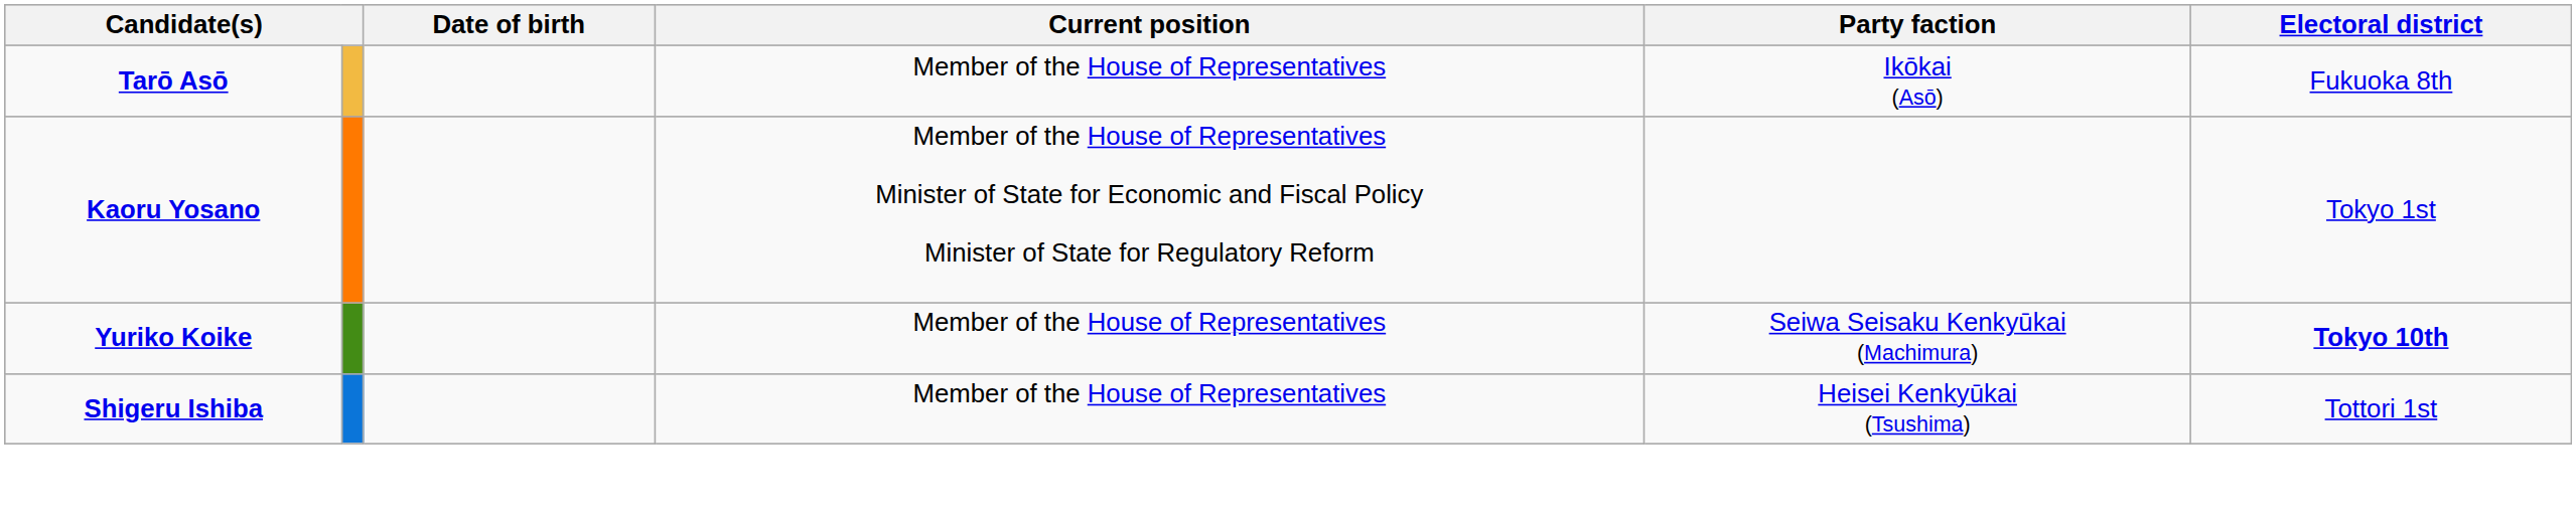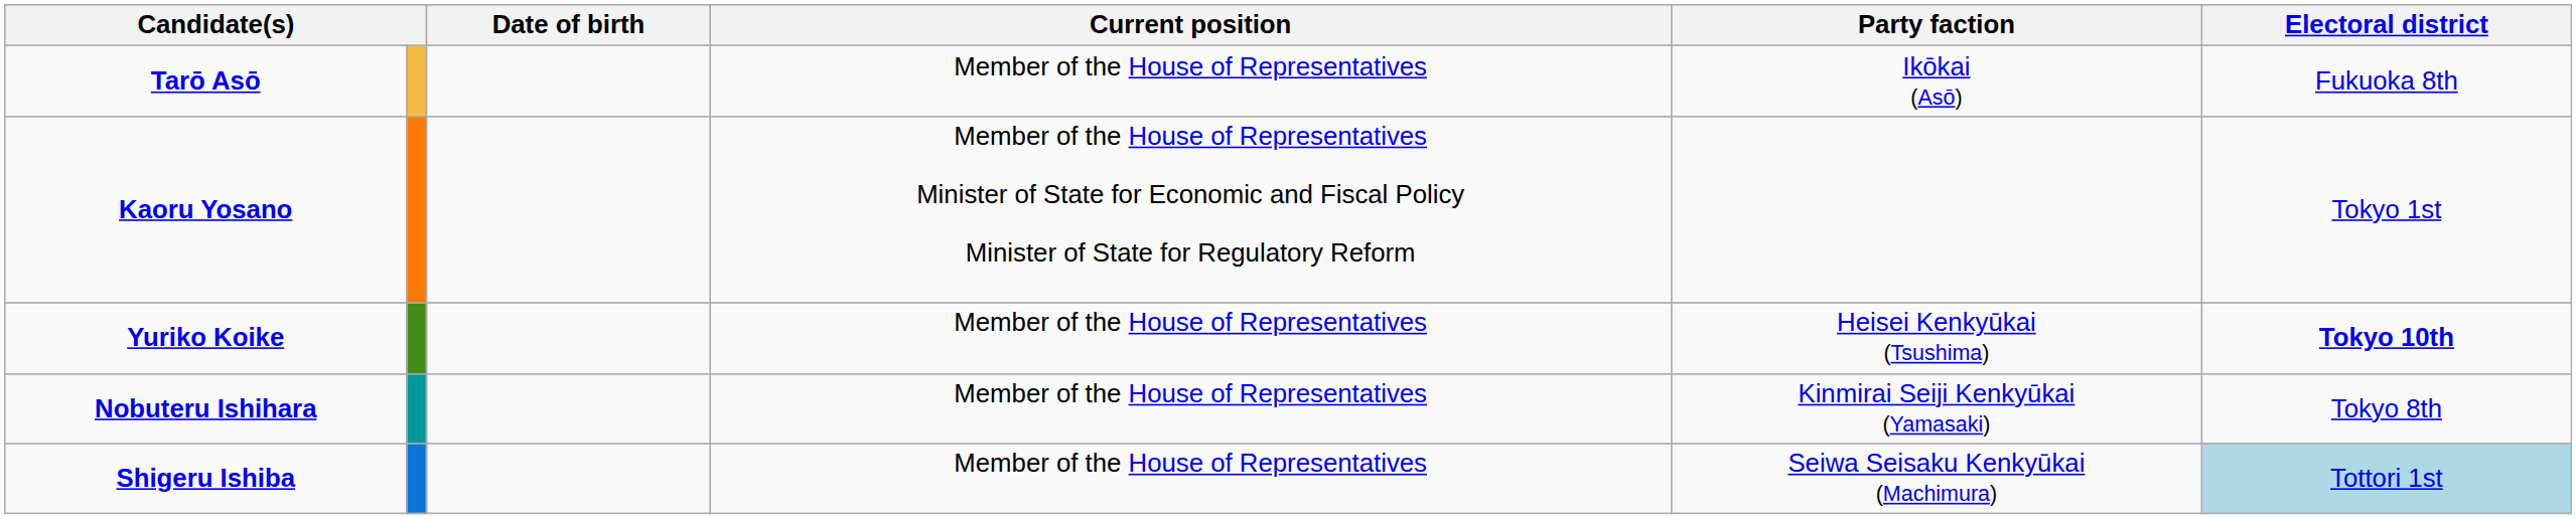 <table class="wikitable sortable" style="text-align:center;width:100%">
 <tr>
 <th colspan="2" style="width:110px;">Candidate(s)</th>
 <th>Date of birth</th>
 <th class="unsortable">Current position</th>
 <th>Party faction</th>
 <th><a href='#'>Electoral district</a></th>
 </tr>
 <tr>
 <td> <strong><a href='#'>Tarō Asō</a></strong></td>
 <td style="background:#F2BA42"></td>
 <td><br></td>
 <td>Member of the <a href='#'>House of Representatives</a><br><br></td>
 <td><a href='#'>Ikōkai</a><br><small> (<a href='#'>Asō</a>) </small></td>
 <td> <a href='#'>Fukuoka 8th</a></td>
 </tr>
 <tr>
 <td> <strong><a href='#'>Kaoru Yosano</a></strong></td>
 <td style="background:#FF7900"></td>
 <td><br></td>
 <td>Member of the <a href='#'>House of Representatives</a><br> <br>Minister of State for Economic and Fiscal Policy<br><br>Minister of State for Regulatory Reform <br><br></td>
 <td></td>
 <td> <a href='#'>Tokyo 1st</a></td>
 </tr>
 <tr>
 <td> <strong><a href='#'>Yuriko Koike</a></strong></td>
 <td style="background:#438C15"></td>
 <td><br></td>
 <td>Member of the <a href='#'>House of Representatives</a><br><br></td>
-<td><a href='#'>Seiwa Seisaku Kenkyūkai</a><br><small> (<a href='#'>Machimura</a>) </small></td>
+<td><a href='#'>Heisei Kenkyūkai</a><br><small> (<a href='#'>Tsushima</a>) </small></td>
 <td><strong> <a href='#'>Tokyo 10th</a></strong></td>
+</tr>
+<tr>
+<td> <strong><a href='#'>Nobuteru Ishihara</a></strong></td>
+<td style="background:#009999"></td>
+<td><br></td>
+<td>Member of the <a href='#'>House of Representatives</a><br> <br></td>
+<td><a href='#'>Kinmirai Seiji Kenkyūkai</a><br><small> (<a href='#'>Yamasaki</a>) </small></td>
+<td> <a href='#'>Tokyo 8th</a></td>
 </tr>
 <tr>
 <td> <strong><a href='#'>Shigeru Ishiba</a></strong></td>
 <td style="background:#0B75D9"></td>
 <td><br></td>
 <td>Member of the <a href='#'>House of Representatives</a><br><br></td>
-<td><a href='#'>Heisei Kenkyūkai</a><br><small> (<a href='#'>Tsushima</a>) </small></td>
-<td> <a href='#'>Tottori 1st</a></td>
+<td><a href='#'>Seiwa Seisaku Kenkyūkai</a><br><small> (<a href='#'>Machimura</a>) </small></td>
+<td style="background: lightblue;"> <a href='#'>Tottori 1st</a></td>
 </tr>
 </table>
